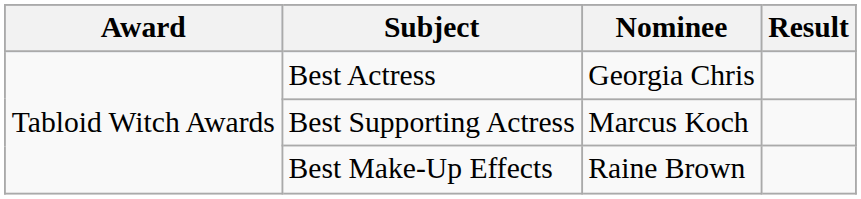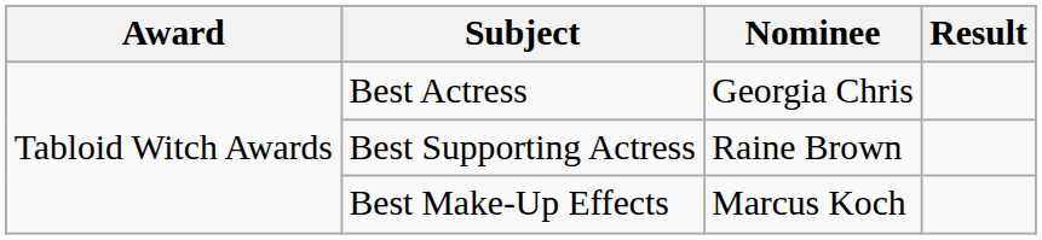 <table class="wikitable sortable">
 <tr style="background:#b0c4de; text-align:center;">
 <th>Award</th>
 <th>Subject</th>
 <th>Nominee</th>
 <th>Result</th>
 </tr>
 <tr>
 <td rowspan=3>Tabloid Witch Awards</td>
 <td>Best Actress</td>
 <td>Georgia Chris</td>
 <td></td>
 </tr>
 <tr>
 <td>Best Supporting Actress</td>
-<td>Marcus Koch</td>
+<td>Raine Brown</td>
 <td></td>
 </tr>
 <tr>
 <td>Best Make-Up Effects</td>
-<td>Raine Brown</td>
+<td>Marcus Koch</td>
 <td></td>
 </tr>
 </table>
